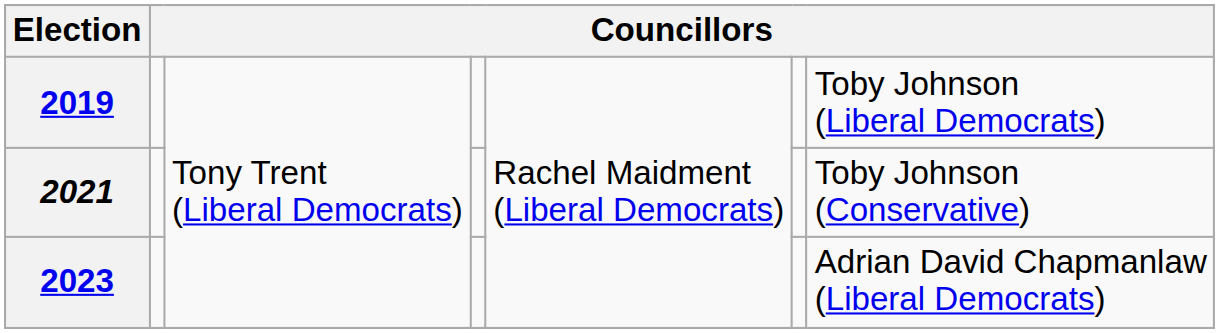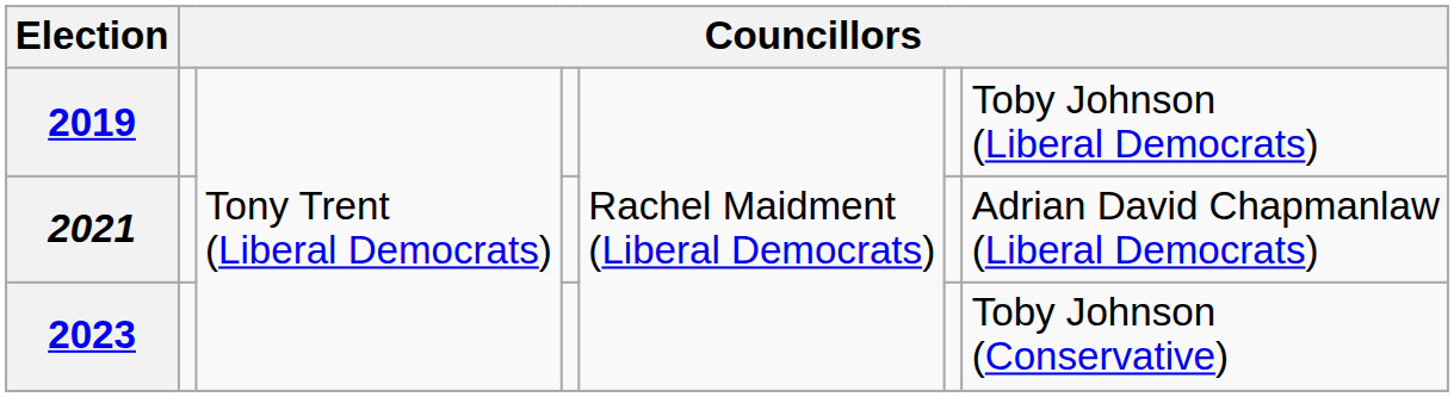 <table class="wikitable">
 <tr>
 <th>Election</th>
 <th colspan="6">Councillors</th>
 </tr>
 <tr>
 <th><a href='#'>2019</a></th>
 <td rowspan="1;" style="background-color: "></td>
 <td rowspan="3">Tony Trent<br>(<a href='#'>Liberal Democrats</a>)</td>
 <td rowspan="1;" style="background-color: "></td>
 <td rowspan="3">Rachel Maidment<br>(<a href='#'>Liberal Democrats</a>)</td>
 <td rowspan="1;" style="background-color: "></td>
 <td rowspan="1">Toby Johnson<br>(<a href='#'>Liberal Democrats</a>)</td>
 </tr>
 <tr>
 <th><em>2021</em></th>
 <td rowspan="1;" style="background-color: "></td>
 <td rowspan="1;" style="background-color: "></td>
 <td></td>
-<td rowspan="1">Toby Johnson<br>(<a href='#'>Conservative</a>)</td>
+<td rowspan="1">Adrian David Chapmanlaw<br>(<a href='#'>Liberal Democrats</a>)</td>
 </tr>
 <tr>
 <th><a href='#'>2023</a></th>
 <td rowspan="1;" style="background-color: "></td>
 <td rowspan="1;" style="background-color: "></td>
 <td rowspan="1;" style="background-color: "></td>
-<td rowspan="1">Adrian David Chapmanlaw<br>(<a href='#'>Liberal Democrats</a>)</td>
+<td rowspan="1">Toby Johnson<br>(<a href='#'>Conservative</a>)</td>
 </tr>
 </table>
